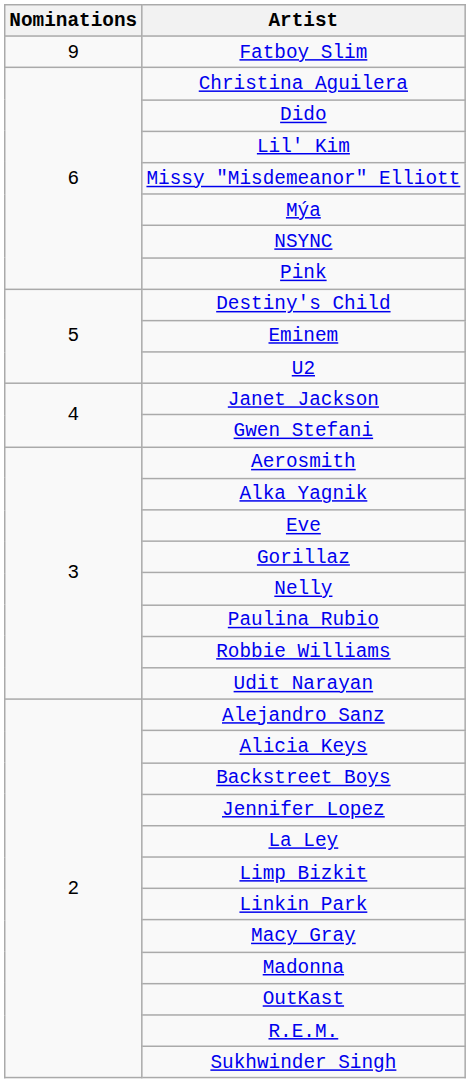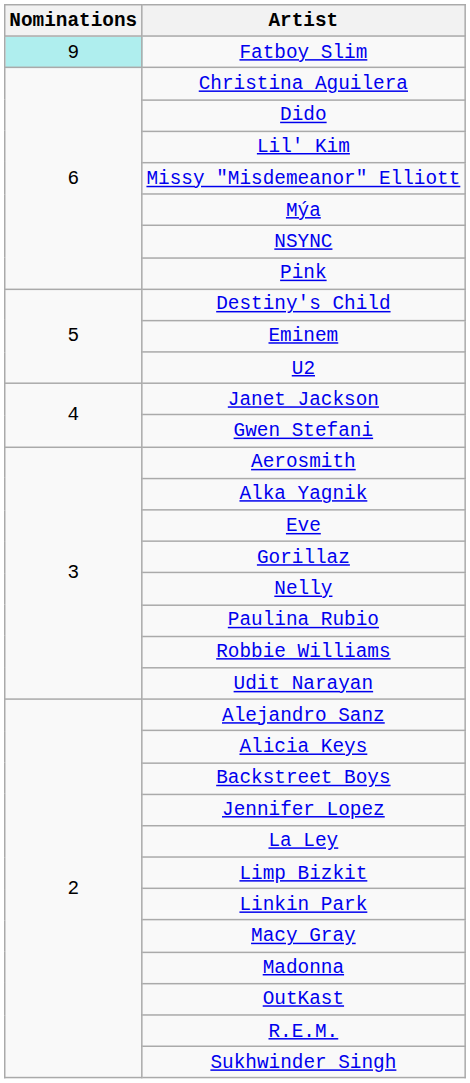 <table class="wikitable" rowspan="2" style="text-align:center">
 <tr>
 <th scope="col" style="width:55px;">Nominations</th>
 <th scope="col" style="text-align:center;">Artist</th>
 </tr>
 <tr>
-<td style="text-align:center">9</td>
+<td style="background: paleturquoise; text-align:center">9</td>
 <td><a href='#'>Fatboy Slim</a></td>
 </tr>
 <tr>
 <td rowspan="7" style="text-align:center">6</td>
 <td><a href='#'>Christina Aguilera</a></td>
 </tr>
 <tr>
 <td><a href='#'>Dido</a></td>
 </tr>
 <tr>
 <td><a href='#'>Lil' Kim</a></td>
 </tr>
 <tr>
 <td><a href='#'>Missy "Misdemeanor" Elliott</a></td>
 </tr>
 <tr>
 <td><a href='#'>Mýa</a></td>
 </tr>
 <tr>
 <td><a href='#'>NSYNC</a></td>
 </tr>
 <tr>
 <td><a href='#'>Pink</a></td>
 </tr>
 <tr>
 <td rowspan="3" style="text-align:center">5</td>
 <td><a href='#'>Destiny's Child</a></td>
 </tr>
 <tr>
 <td><a href='#'>Eminem</a></td>
 </tr>
 <tr>
 <td><a href='#'>U2</a></td>
 </tr>
 <tr>
 <td rowspan="2" style="text-align:center">4</td>
 <td><a href='#'>Janet Jackson</a></td>
 </tr>
 <tr>
 <td><a href='#'>Gwen Stefani</a></td>
 </tr>
 <tr>
 <td rowspan="8" style="text-align:center">3</td>
 <td><a href='#'>Aerosmith</a></td>
 </tr>
 <tr>
 <td><a href='#'>Alka Yagnik</a></td>
 </tr>
 <tr>
 <td><a href='#'>Eve</a></td>
 </tr>
 <tr>
 <td><a href='#'>Gorillaz</a></td>
 </tr>
 <tr>
 <td><a href='#'>Nelly</a></td>
 </tr>
 <tr>
 <td><a href='#'>Paulina Rubio</a></td>
 </tr>
 <tr>
 <td><a href='#'>Robbie Williams</a></td>
 </tr>
 <tr>
 <td><a href='#'>Udit Narayan</a></td>
 </tr>
 <tr>
 <td rowspan="12" style="text-align:center">2</td>
 <td><a href='#'>Alejandro Sanz</a></td>
 </tr>
 <tr>
 <td><a href='#'>Alicia Keys</a></td>
 </tr>
 <tr>
 <td><a href='#'>Backstreet Boys</a></td>
 </tr>
 <tr>
 <td><a href='#'>Jennifer Lopez</a></td>
 </tr>
 <tr>
 <td><a href='#'>La Ley</a></td>
 </tr>
 <tr>
 <td><a href='#'>Limp Bizkit</a></td>
 </tr>
 <tr>
 <td><a href='#'>Linkin Park</a></td>
 </tr>
 <tr>
 <td><a href='#'>Macy Gray</a></td>
 </tr>
 <tr>
 <td><a href='#'>Madonna</a></td>
 </tr>
 <tr>
 <td><a href='#'>OutKast</a></td>
 </tr>
 <tr>
 <td><a href='#'>R.E.M.</a></td>
 </tr>
 <tr>
 <td><a href='#'>Sukhwinder Singh</a></td>
 </tr>
 </table>
